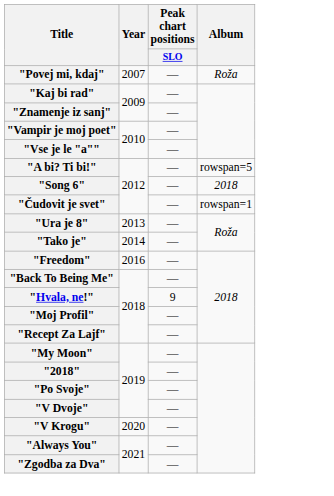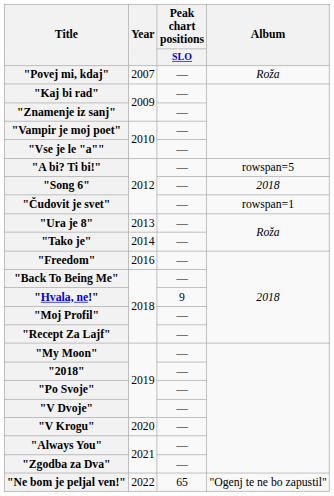 <table class="wikitable plainrowheaders" style="text-align:center;">
 <tr>
 <th scope="col" rowspan="2">Title</th>
 <th scope="col" rowspan="2">Year</th>
 <th scope="col" colspan="1">Peak chart positions</th>
 <th scope="col" rowspan="2">Album</th>
 </tr>
 <tr>
 <th scope="col" style="width:3em;font-size:85%;"><a href='#'>SLO</a></th>
 </tr>
 <tr>
 <th scope="row">"Povej mi, kdaj"</th>
 <td>2007</td>
 <td>—</td>
 <td rowspan=1><em>Roža</em></td>
 </tr>
 <tr>
 <th scope="row">"Kaj bi rad"</th>
 <td rowspan=2>2009</td>
 <td>—</td>
 </tr>
 <tr>
 <th scope="row">"Znamenje iz sanj"</th>
 <td>—</td>
 </tr>
 <tr>
 <th scope="row">"Vampir je moj poet"</th>
 <td rowspan=2>2010</td>
 <td>—</td>
 </tr>
 <tr>
 <th scope="row">"Vse je le "a""</th>
 <td>—</td>
 </tr>
 <tr>
 <th scope="row">"A bi? Ti bi!"</th>
 <td rowspan=3>2012</td>
 <td>—</td>
 <td>rowspan=5 </td>
 </tr>
 <tr>
 <th scope="row">"Song 6"</th>
 <td>—</td>
 <td rowspan=1><em>2018</em></td>
 </tr>
 <tr>
 <th scope="row">"Čudovit je svet"</th>
 <td>—</td>
 <td>rowspan=1 </td>
 </tr>
 <tr>
 <th scope="row">"Ura je 8"</th>
 <td rowspan=1>2013</td>
 <td>—</td>
 <td rowspan=2><em>Roža</em></td>
 </tr>
 <tr>
 <th scope="row">"Tako je"</th>
 <td rowspan=1>2014</td>
 <td>—</td>
 </tr>
 <tr>
 <th scope="row">"Freedom"</th>
 <td rowspan=1>2016</td>
 <td>—</td>
 <td rowspan=5><em>2018</em></td>
 </tr>
 <tr>
 <th scope="row">"Back To Being Me"</th>
 <td rowspan=4>2018</td>
 <td>—</td>
 </tr>
 <tr>
 <th scope="row">"<a href='#'>Hvala, ne</a>!"</th>
 <td>9</td>
 </tr>
 <tr>
 <th scope="row">"Moj Profil"</th>
 <td>—</td>
 </tr>
 <tr>
 <th scope="row">"Recept Za Lajf"</th>
 <td>—</td>
 </tr>
 <tr>
 <th scope="row">"My Moon"</th>
 <td rowspan=4>2019</td>
 <td>—</td>
 </tr>
 <tr>
 <th scope="row">"2018"</th>
 <td>—</td>
 </tr>
 <tr>
 <th scope="row">"Po Svoje"</th>
 <td>—</td>
 </tr>
 <tr>
 <th scope="row">"V Dvoje"</th>
 <td>—</td>
 </tr>
 <tr>
 <th scope="row">"V Krogu"</th>
 <td rowspan=1>2020</td>
 <td>—</td>
 </tr>
 <tr>
 <th scope="row">"Always You"</th>
 <td rowspan=2>2021</td>
 <td>—</td>
 </tr>
 <tr>
 <th scope="row">"Zgodba za Dva"</th>
 <td>—</td>
 </tr>
+<tr>
+<th scope="row">"Ne bom je peljal ven!"</th>
+<td>2022</td>
+<td>65</td>
+<td>"Ogenj te ne bo zapustil"</td>
+</tr>
 </table>
